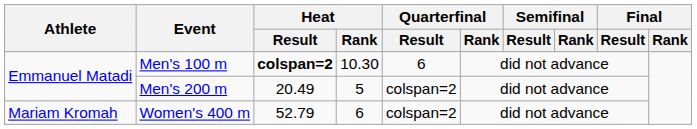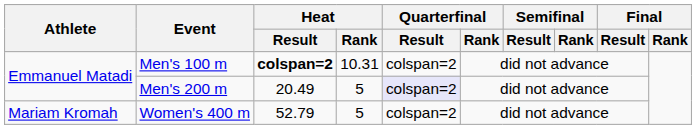 <table class="wikitable" style="font-size:90%">
 <tr>
 <th rowspan="2">Athlete</th>
 <th rowspan="2">Event</th>
 <th colspan="2">Heat</th>
 <th colspan="2">Quarterfinal</th>
 <th colspan="2">Semifinal</th>
 <th colspan="2">Final</th>
 </tr>
 <tr style="font-size:95%">
 <th>Result</th>
 <th>Rank</th>
 <th>Result</th>
 <th>Rank</th>
 <th>Result</th>
 <th>Rank</th>
 <th>Result</th>
 <th>Rank</th>
 </tr>
 <tr align=center>
 <td align=left rowspan=2><a href='#'>Emmanuel Matadi</a></td>
 <td align=left><a href='#'>Men's 100 m</a></td>
 <td><strong>colspan=2 </strong></td>
-<td>10.30</td>
-<td>6</td>
+<td>10.31</td>
+<td>colspan=2 </td>
 <td colspan=4>did not advance</td>
 </tr>
 <tr align=center>
 <td align=left><a href='#'>Men's 200 m</a></td>
 <td>20.49</td>
 <td>5</td>
-<td>colspan=2 </td>
+<td style="background: lavender;">colspan=2 </td>
 <td colspan=4>did not advance</td>
 </tr>
 <tr align=center>
 <td align=left><a href='#'>Mariam Kromah</a></td>
 <td align=left><a href='#'>Women's 400 m</a></td>
 <td>52.79</td>
-<td>6</td>
+<td>5</td>
 <td>colspan=2 </td>
 <td colspan=4>did not advance</td>
 </tr>
 </table>
